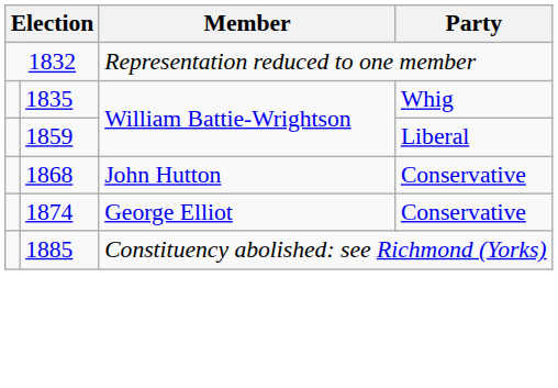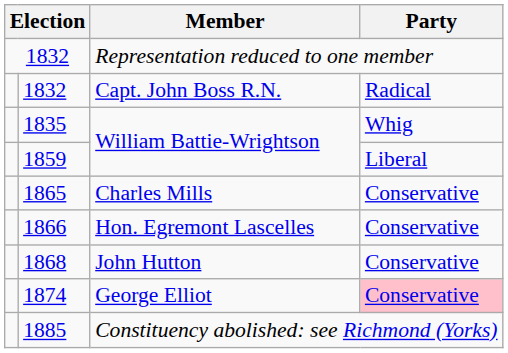 <table class="wikitable">
 <tr>
 <th colspan="2">Election</th>
 <th>Member</th>
 <th>Party</th>
 </tr>
 <tr>
 <td colspan="2" align="center"><a href='#'>1832</a></td>
 <td colspan="2"><em>Representation reduced to one member</em></td>
+</tr>
+<tr>
+<td style="color:inherit;background-color: "></td>
+<td><a href='#'>1832</a></td>
+<td><a href='#'>Capt. John Boss R.N.</a></td>
+<td><a href='#'>Radical</a></td>
 </tr>
 <tr>
 <td style="color:inherit;background-color: "></td>
 <td><a href='#'>1835</a></td>
 <td rowspan="2"><a href='#'>William Battie-Wrightson</a></td>
 <td><a href='#'>Whig</a></td>
 </tr>
 <tr>
 <td style="color:inherit;background-color: "></td>
 <td><a href='#'>1859</a></td>
 <td><a href='#'>Liberal</a></td>
 </tr>
 <tr>
 <td style="color:inherit;background-color: "></td>
+<td><a href='#'>1865</a></td>
+<td><a href='#'>Charles Mills</a></td>
+<td><a href='#'>Conservative</a></td>
+</tr>
+<tr>
+<td style="color:inherit;background-color: "></td>
+<td><a href='#'>1866</a></td>
+<td><a href='#'>Hon. Egremont Lascelles</a></td>
+<td><a href='#'>Conservative</a></td>
+</tr>
+<tr>
+<td style="color:inherit;background-color: "></td>
 <td><a href='#'>1868</a></td>
 <td><a href='#'>John Hutton</a></td>
 <td><a href='#'>Conservative</a></td>
 </tr>
 <tr>
 <td style="color:inherit;background-color: "></td>
 <td><a href='#'>1874</a></td>
 <td><a href='#'>George Elliot</a></td>
-<td><a href='#'>Conservative</a></td>
+<td style="background: pink;"><a href='#'>Conservative</a></td>
 </tr>
 <tr>
 <td></td>
 <td><a href='#'>1885</a></td>
 <td colspan="2"><em>Constituency abolished: see <a href='#'>Richmond (Yorks)</a></em></td>
 </tr>
 </table>
